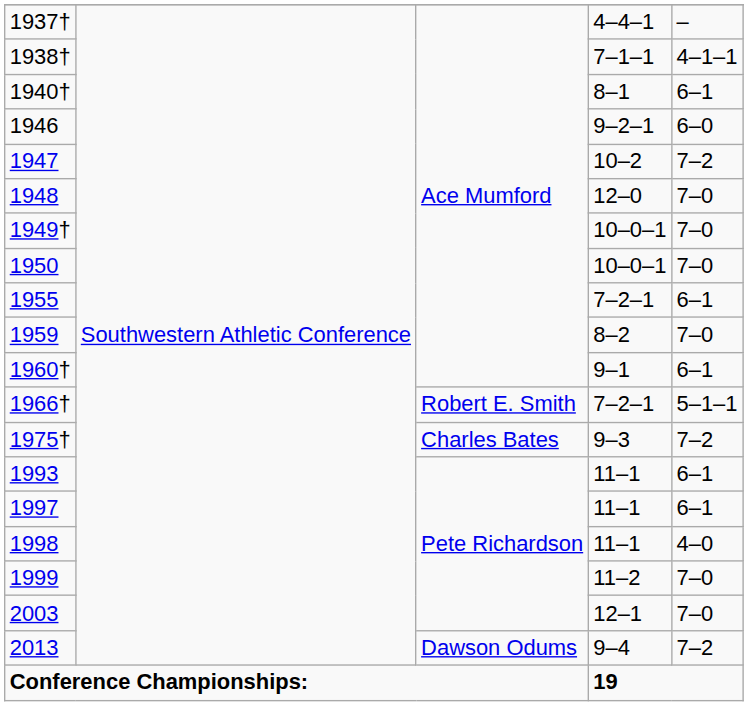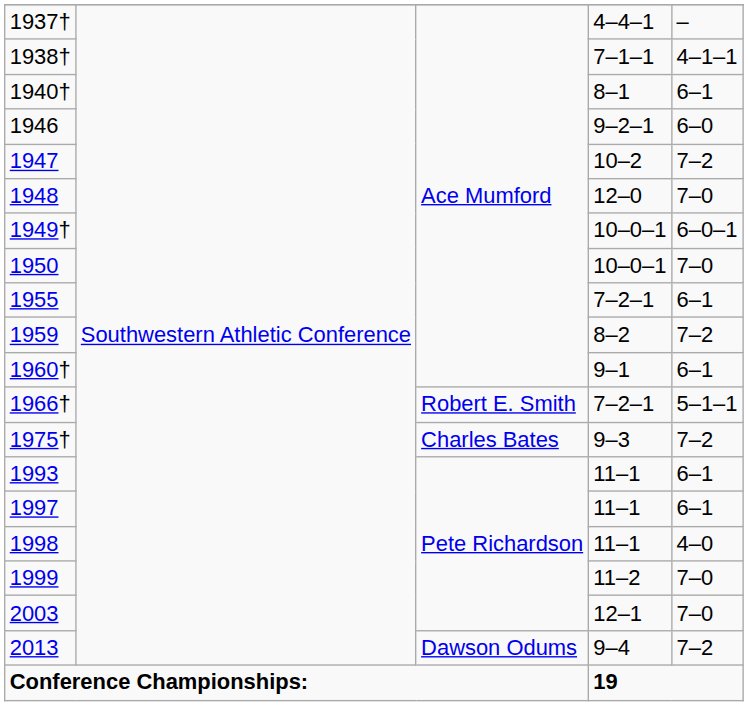 <table class="wikitable">
 <tr>
 </tr>
 <tr>
 <td>1937†</td>
 <td rowspan="19"><a href='#'>Southwestern Athletic Conference</a></td>
 <td rowspan="11"><a href='#'>Ace Mumford</a></td>
 <td>4–4–1</td>
 <td>–</td>
 </tr>
 <tr>
 <td>1938†</td>
 <td>7–1–1</td>
 <td>4–1–1</td>
 </tr>
 <tr>
 <td>1940†</td>
 <td>8–1</td>
 <td>6–1</td>
 </tr>
 <tr>
 <td>1946</td>
 <td>9–2–1</td>
 <td>6–0</td>
 </tr>
 <tr>
 <td><a href='#'>1947</a></td>
 <td>10–2</td>
 <td>7–2</td>
 </tr>
 <tr>
 <td><a href='#'>1948</a></td>
 <td>12–0</td>
 <td>7–0</td>
 </tr>
 <tr>
 <td><a href='#'>1949</a>†</td>
 <td>10–0–1</td>
-<td>7–0</td>
+<td>6–0–1</td>
 </tr>
 <tr>
 <td><a href='#'>1950</a></td>
 <td>10–0–1</td>
 <td>7–0</td>
 </tr>
 <tr>
 <td><a href='#'>1955</a></td>
 <td>7–2–1</td>
 <td>6–1</td>
 </tr>
 <tr>
 <td><a href='#'>1959</a></td>
 <td>8–2</td>
-<td>7–0</td>
+<td>7–2</td>
 </tr>
 <tr>
 <td><a href='#'>1960</a>†</td>
 <td>9–1</td>
 <td>6–1</td>
 </tr>
 <tr>
 <td><a href='#'>1966</a>†</td>
 <td><a href='#'>Robert E. Smith</a></td>
 <td>7–2–1</td>
 <td>5–1–1</td>
 </tr>
 <tr>
 <td><a href='#'>1975</a>†</td>
 <td><a href='#'>Charles Bates</a></td>
 <td>9–3</td>
 <td>7–2</td>
 </tr>
 <tr>
 <td><a href='#'>1993</a></td>
 <td rowspan="5"><a href='#'>Pete Richardson</a></td>
 <td>11–1</td>
 <td>6–1</td>
 </tr>
 <tr>
 <td><a href='#'>1997</a></td>
 <td>11–1</td>
 <td>6–1</td>
 </tr>
 <tr>
 <td><a href='#'>1998</a></td>
 <td>11–1</td>
 <td>4–0</td>
 </tr>
 <tr>
 <td><a href='#'>1999</a></td>
 <td>11–2</td>
 <td>7–0</td>
 </tr>
 <tr>
 <td><a href='#'>2003</a></td>
 <td>12–1</td>
 <td>7–0</td>
 </tr>
 <tr>
 <td><a href='#'>2013</a></td>
 <td><a href='#'>Dawson Odums</a></td>
 <td>9–4</td>
 <td>7–2</td>
 </tr>
 <tr>
 <td colspan=3><strong>Conference Championships:</strong></td>
 <td colspan=2><strong>19</strong></td>
 </tr>
 </table>
